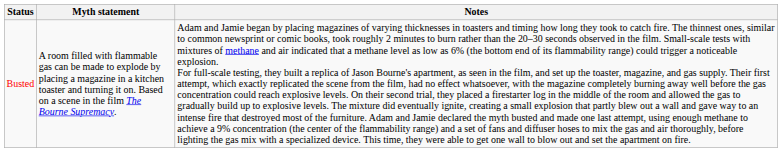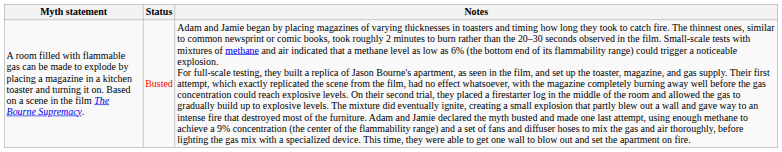 <table class="wikitable plainrowheaders">
 <tr>
+<th>Myth statement</th>
 <th>Status</th>
-<th>Myth statement</th>
 <th>Notes</th>
 </tr>
 <tr>
+<td>A room filled with flammable gas can be made to explode by placing a magazine in a kitchen toaster and turning it on. Based on a scene in the film <em><a href='#'>The Bourne Supremacy</a></em>.</td>
 <td style="color:red">Busted</td>
-<td>A room filled with flammable gas can be made to explode by placing a magazine in a kitchen toaster and turning it on. Based on a scene in the film <em><a href='#'>The Bourne Supremacy</a></em>.</td>
 <td>Adam and Jamie began by placing magazines of varying thicknesses in toasters and timing how long they took to catch fire. The thinnest ones, similar to common newsprint or comic books, took roughly 2 minutes to burn rather than the 20–30 seconds observed in the film. Small-scale tests with mixtures of <a href='#'>methane</a> and air indicated that a methane level as low as 6% (the bottom end of its flammability range) could trigger a noticeable explosion.<br>For full-scale testing, they built a replica of Jason Bourne's apartment, as seen in the film, and set up the toaster, magazine, and gas supply. Their first attempt, which exactly replicated the scene from the film, had no effect whatsoever, with the magazine completely burning away well before the gas concentration could reach explosive levels. On their second trial, they placed a firestarter log in the middle of the room and allowed the gas to gradually build up to explosive levels. The mixture did eventually ignite, creating a small explosion that partly blew out a wall and gave way to an intense fire that destroyed most of the furniture. Adam and Jamie declared the myth busted and made one last attempt, using enough methane to achieve a 9% concentration (the center of the flammability range) and a set of fans and diffuser hoses to mix the gas and air thoroughly, before lighting the gas mix with a specialized device. This time, they were able to get one wall to blow out and set the apartment on fire.</td>
 </tr>
 </table>
